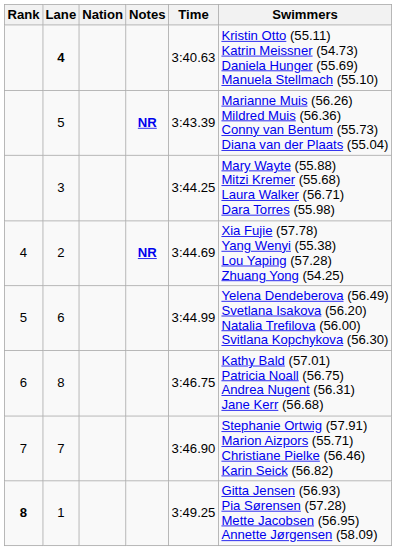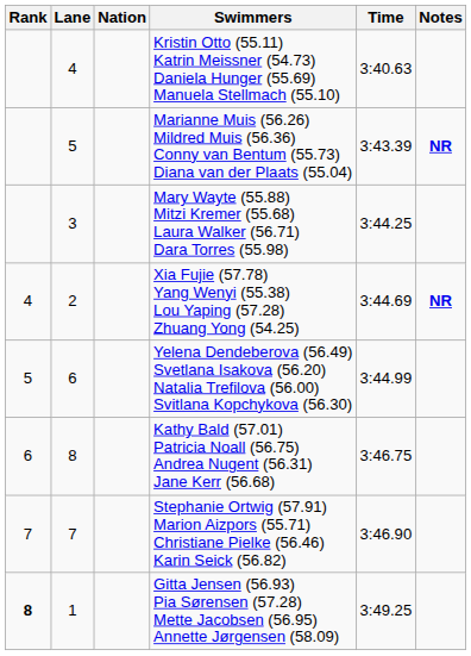 <table class="wikitable sortable" style="text-align:center">
 <tr>
 <th>Rank</th>
 <th>Lane</th>
 <th>Nation</th>
+<th>Swimmers</th>
+<th>Time</th>
 <th>Notes</th>
-<th>Time</th>
-<th>Swimmers</th>
 </tr>
 <tr>
 <td></td>
-<td><strong>4</strong></td>
+<td>4</td>
 <td align=left></td>
+<td align=left><a href='#'>Kristin Otto</a> (55.11)<br><a href='#'>Katrin Meissner</a> (54.73)<br><a href='#'>Daniela Hunger</a> (55.69)<br><a href='#'>Manuela Stellmach</a> (55.10)</td>
+<td>3:40.63</td>
 <td></td>
-<td>3:40.63</td>
-<td align=left><a href='#'>Kristin Otto</a> (55.11)<br><a href='#'>Katrin Meissner</a> (54.73)<br><a href='#'>Daniela Hunger</a> (55.69)<br><a href='#'>Manuela Stellmach</a> (55.10)</td>
 </tr>
 <tr>
 <td></td>
 <td>5</td>
 <td align=left></td>
+<td align=left><a href='#'>Marianne Muis</a> (56.26)<br><a href='#'>Mildred Muis</a> (56.36)<br><a href='#'>Conny van Bentum</a> (55.73)<br><a href='#'>Diana van der Plaats</a> (55.04)</td>
+<td>3:43.39</td>
 <td><strong><a href='#'>NR</a></strong></td>
-<td>3:43.39</td>
-<td align=left><a href='#'>Marianne Muis</a> (56.26)<br><a href='#'>Mildred Muis</a> (56.36)<br><a href='#'>Conny van Bentum</a> (55.73)<br><a href='#'>Diana van der Plaats</a> (55.04)</td>
 </tr>
 <tr>
 <td></td>
 <td>3</td>
 <td align=left></td>
+<td align=left><a href='#'>Mary Wayte</a> (55.88)<br><a href='#'>Mitzi Kremer</a> (55.68)<br><a href='#'>Laura Walker</a> (56.71)<br><a href='#'>Dara Torres</a> (55.98)</td>
+<td>3:44.25</td>
 <td></td>
-<td>3:44.25</td>
-<td align=left><a href='#'>Mary Wayte</a> (55.88)<br><a href='#'>Mitzi Kremer</a> (55.68)<br><a href='#'>Laura Walker</a> (56.71)<br><a href='#'>Dara Torres</a> (55.98)</td>
 </tr>
 <tr>
 <td>4</td>
 <td>2</td>
 <td align=left></td>
+<td align=left><a href='#'>Xia Fujie</a> (57.78)<br><a href='#'>Yang Wenyi</a> (55.38)<br><a href='#'>Lou Yaping</a> (57.28)<br><a href='#'>Zhuang Yong</a> (54.25)</td>
+<td>3:44.69</td>
 <td><strong><a href='#'>NR</a></strong></td>
-<td>3:44.69</td>
-<td align=left><a href='#'>Xia Fujie</a> (57.78)<br><a href='#'>Yang Wenyi</a> (55.38)<br><a href='#'>Lou Yaping</a> (57.28)<br><a href='#'>Zhuang Yong</a> (54.25)</td>
 </tr>
 <tr>
 <td>5</td>
 <td>6</td>
 <td align=left></td>
+<td align=left><a href='#'>Yelena Dendeberova</a> (56.49)<br><a href='#'>Svetlana Isakova</a> (56.20)<br><a href='#'>Natalia Trefilova</a> (56.00)<br><a href='#'>Svitlana Kopchykova</a> (56.30)</td>
+<td>3:44.99</td>
 <td></td>
-<td>3:44.99</td>
-<td align=left><a href='#'>Yelena Dendeberova</a> (56.49)<br><a href='#'>Svetlana Isakova</a> (56.20)<br><a href='#'>Natalia Trefilova</a> (56.00)<br><a href='#'>Svitlana Kopchykova</a> (56.30)</td>
 </tr>
 <tr>
 <td>6</td>
 <td>8</td>
 <td align=left></td>
+<td align=left><a href='#'>Kathy Bald</a> (57.01)<br><a href='#'>Patricia Noall</a> (56.75)<br><a href='#'>Andrea Nugent</a> (56.31)<br><a href='#'>Jane Kerr</a> (56.68)</td>
+<td>3:46.75</td>
 <td></td>
-<td>3:46.75</td>
-<td align=left><a href='#'>Kathy Bald</a> (57.01)<br><a href='#'>Patricia Noall</a> (56.75)<br><a href='#'>Andrea Nugent</a> (56.31)<br><a href='#'>Jane Kerr</a> (56.68)</td>
 </tr>
 <tr>
 <td>7</td>
 <td>7</td>
 <td align=left></td>
+<td align=left><a href='#'>Stephanie Ortwig</a> (57.91)<br><a href='#'>Marion Aizpors</a> (55.71)<br><a href='#'>Christiane Pielke</a> (56.46)<br><a href='#'>Karin Seick</a> (56.82)</td>
+<td>3:46.90</td>
 <td></td>
-<td>3:46.90</td>
-<td align=left><a href='#'>Stephanie Ortwig</a> (57.91)<br><a href='#'>Marion Aizpors</a> (55.71)<br><a href='#'>Christiane Pielke</a> (56.46)<br><a href='#'>Karin Seick</a> (56.82)</td>
 </tr>
 <tr>
 <td><strong>8</strong></td>
 <td>1</td>
 <td align=left></td>
+<td align=left><a href='#'>Gitta Jensen</a> (56.93)<br><a href='#'>Pia Sørensen</a> (57.28)<br><a href='#'>Mette Jacobsen</a> (56.95)<br><a href='#'>Annette Jørgensen</a> (58.09)</td>
+<td>3:49.25</td>
 <td></td>
-<td>3:49.25</td>
-<td align=left><a href='#'>Gitta Jensen</a> (56.93)<br><a href='#'>Pia Sørensen</a> (57.28)<br><a href='#'>Mette Jacobsen</a> (56.95)<br><a href='#'>Annette Jørgensen</a> (58.09)</td>
 </tr>
 </table>
